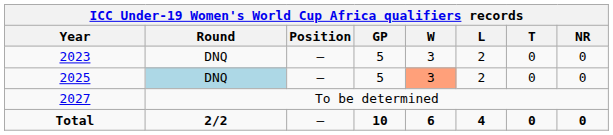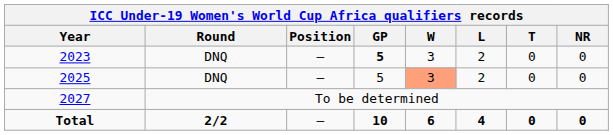 <table class="wikitable" style="text-align: center; width=900px;">
 <tr>
 <th colspan=9><a href='#'>ICC Under-19 Women's World Cup Africa qualifiers</a> records</th>
 </tr>
 <tr>
 <th width=150>Year</th>
 <th width=150>Round</th>
 <th width=50>Position</th>
 <th width=50>GP</th>
 <th width=50>W</th>
 <th width=50>L</th>
 <th width=50>T</th>
 <th width=50>NR</th>
 </tr>
 <tr>
 <td> <a href='#'>2023</a></td>
 <td>DNQ</td>
 <td>–</td>
-<td>5</td>
+<td><strong>5</strong></td>
 <td>3</td>
 <td>2</td>
 <td>0</td>
 <td>0</td>
 </tr>
 <tr>
 <td> <a href='#'>2025</a></td>
-<td style="background: lightblue;">DNQ</td>
+<td>DNQ</td>
 <td>–</td>
 <td>5</td>
 <td style="background: lightsalmon;">3</td>
 <td>2</td>
 <td>0</td>
 <td>0</td>
 </tr>
 <tr>
 <td> <a href='#'>2027</a></td>
 <td colspan=8>To be determined</td>
 </tr>
 <tr>
 <td><strong>Total</strong></td>
 <td><strong>2/2</strong></td>
 <td>–</td>
 <td><strong>10</strong></td>
 <td><strong>6</strong></td>
 <td><strong>4</strong></td>
 <td><strong>0</strong></td>
 <td><strong>0</strong></td>
 </tr>
 </table>
